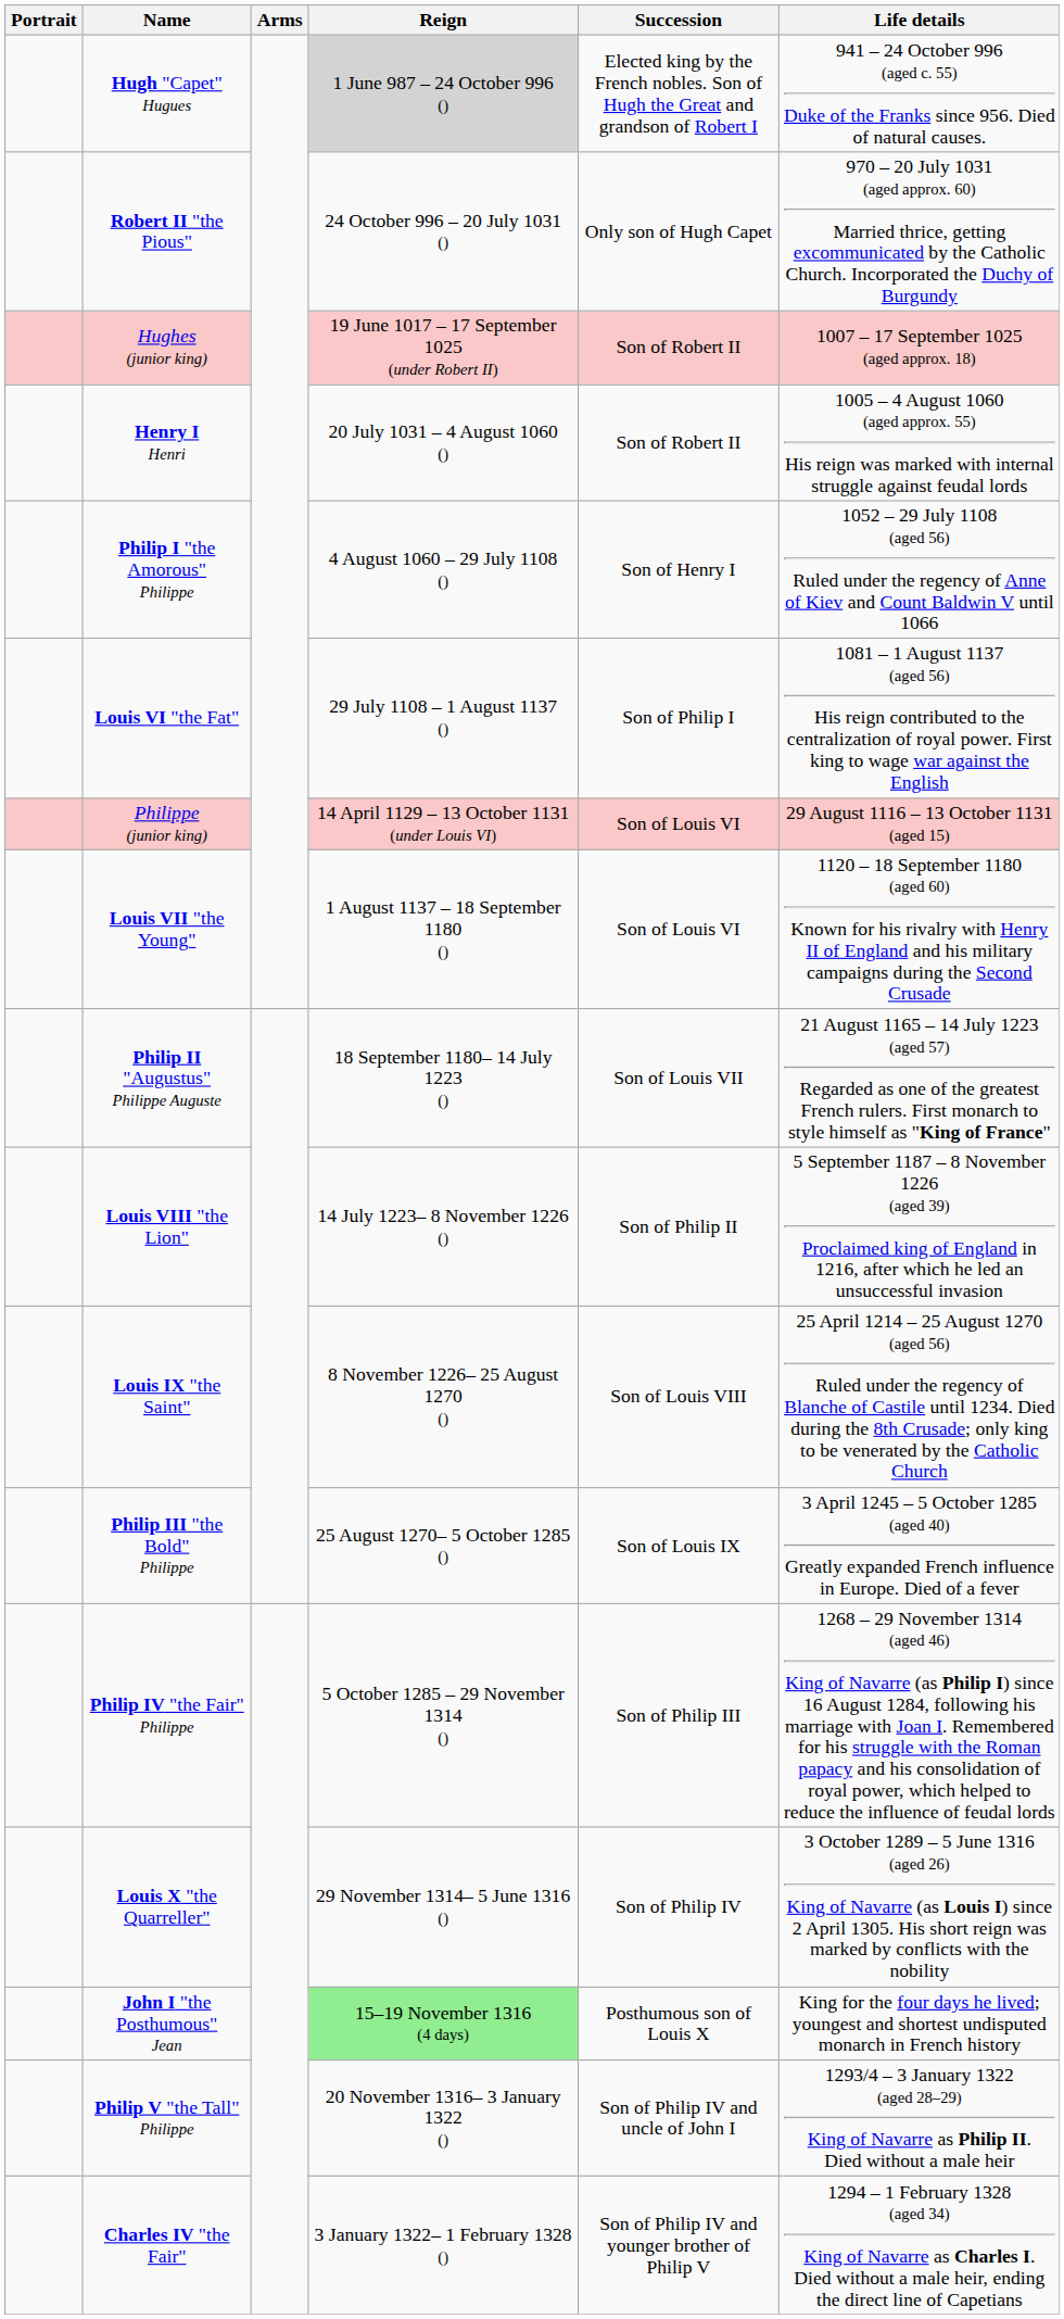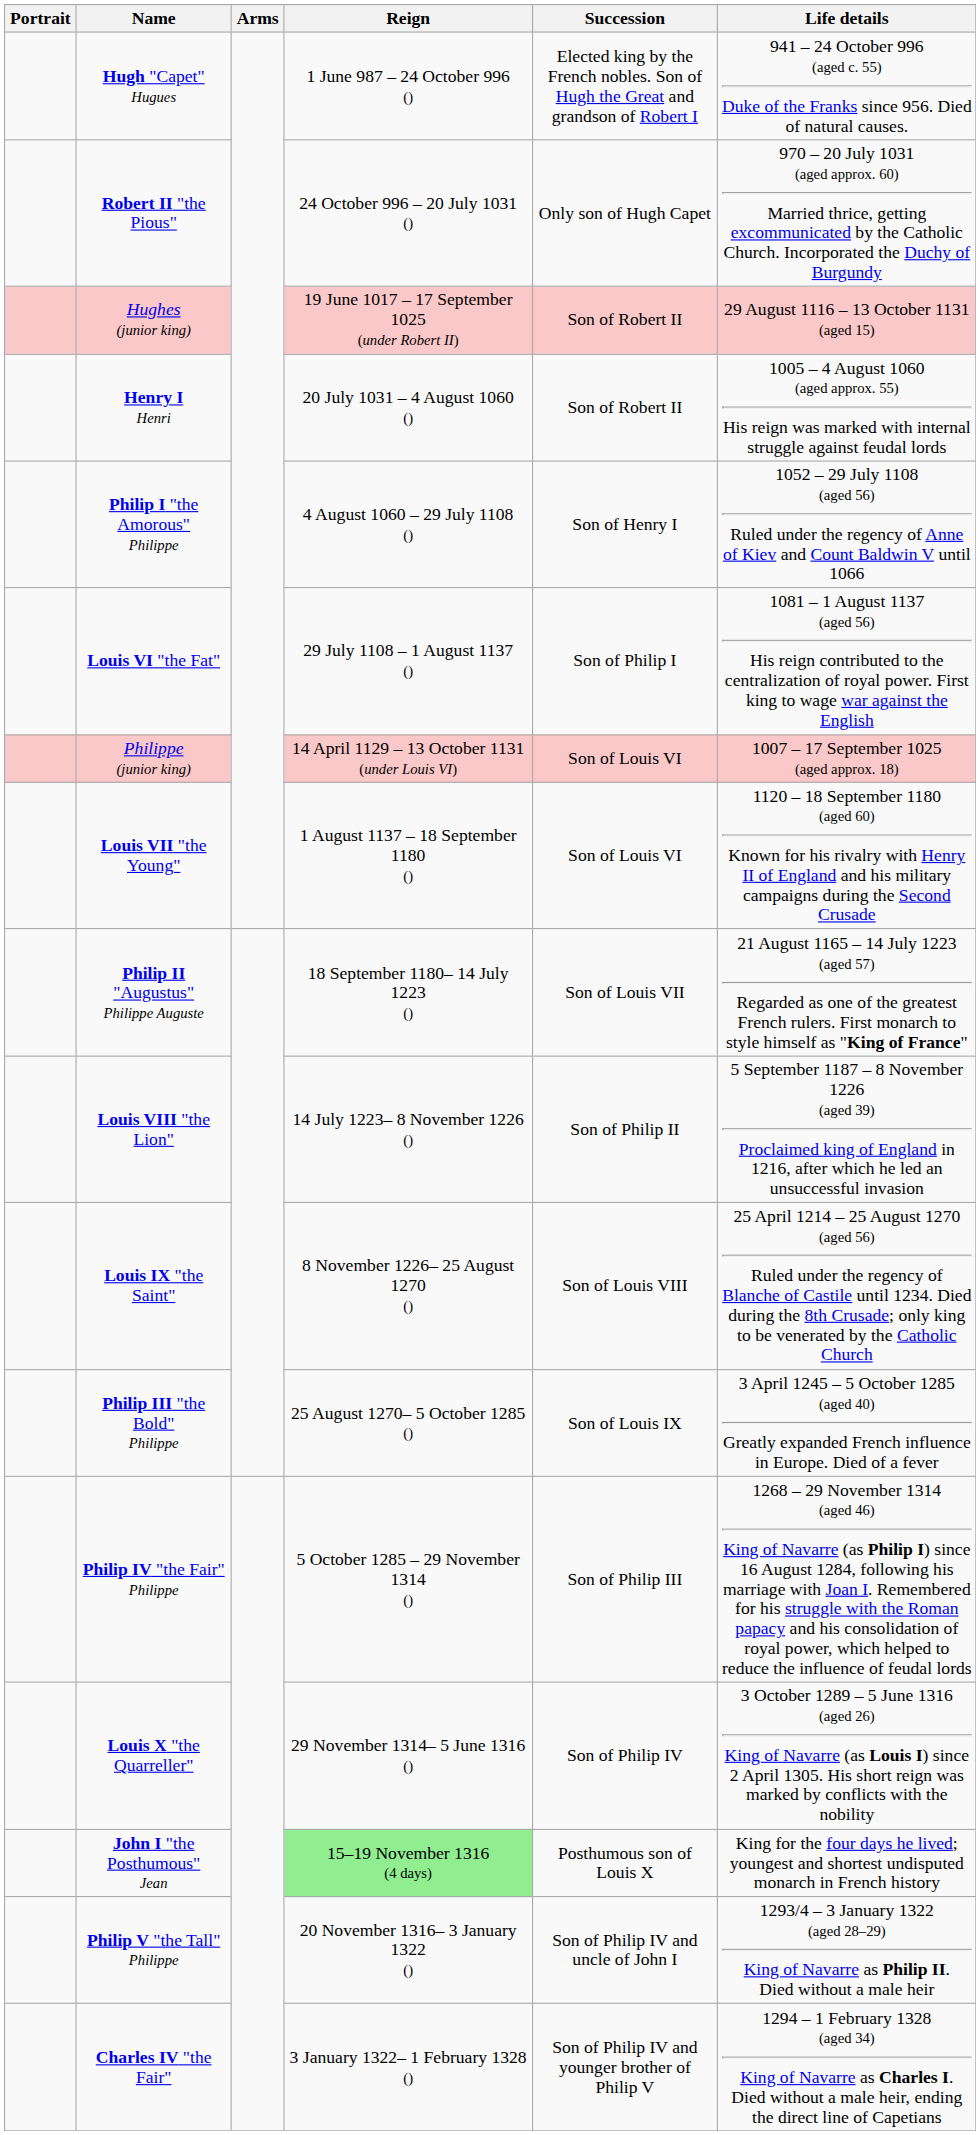 <table class="wikitable" style="text-align:center; width:100%;">
 <tr>
 <th width="5%">Portrait</th>
 <th width="15%">Name</th>
 <th width="5%">Arms</th>
 <th width="24%">Reign</th>
 <th width="18%">Succession</th>
 <th width="25%">Life details</th>
 </tr>
 <tr>
 <td></td>
 <td><a href='#'><strong>Hugh</strong> "Capet"</a><br><small><em>Hugues</em></small></td>
 <td rowspan="8"></td>
-<td style="background: lightgrey;">1 June 987 – 24 October 996<br><small>()</small></td>
+<td>1 June 987 – 24 October 996<br><small>()</small></td>
 <td>Elected king by the French nobles. Son of <a href='#'>Hugh the Great</a> and grandson of <a href='#'>Robert I</a></td>
 <td> 941 – 24 October 996<br><small>(aged c. 55)</small><hr><a href='#'>Duke of the Franks</a> since 956. Died of natural causes.</td>
 </tr>
 <tr>
 <td></td>
 <td><a href='#'><strong>Robert II</strong> "the Pious"</a></td>
 <td>24 October 996 – 20 July 1031<br><small>()</small></td>
 <td>Only son of Hugh Capet</td>
 <td> 970 – 20 July 1031<br><small>(aged approx. 60)</small><hr>Married thrice, getting <a href='#'>excommunicated</a> by the Catholic Church. Incorporated the <a href='#'>Duchy of Burgundy</a></td>
 </tr>
 <tr>
 <td bgcolor="#fac8c8"></td>
 <td bgcolor="#fac8c8"><em><a href='#'>Hughes</a><br><small>(junior king)</small></em></td>
 <td bgcolor="#fac8c8">19 June 1017 – 17 September 1025<br><small>(<em>under Robert II</em>)</small></td>
 <td bgcolor="#fac8c8">Son of Robert II</td>
-<td bgcolor="#fac8c8"> 1007 – 17 September 1025<br><small>(aged approx. 18)</small></td>
+<td bgcolor="#fac8c8">29 August 1116 – 13 October 1131 <br><small>(aged 15)</small></td>
 </tr>
 <tr>
 <td></td>
 <td><a href='#'><strong>Henry I</strong></a><br><small><em>Henri</em></small></td>
 <td>20 July 1031 – 4 August 1060<br><small>()</small></td>
 <td>Son of Robert II</td>
 <td> 1005 – 4 August 1060<br><small>(aged approx. 55)</small><hr>His reign was marked with internal struggle against feudal lords</td>
 </tr>
 <tr>
 <td></td>
 <td><a href='#'><strong>Philip I</strong> "the Amorous"</a><br><small><em>Philippe</em></small></td>
 <td>4 August 1060 – 29 July 1108<br><small>()</small></td>
 <td>Son of Henry I</td>
 <td>1052 – 29 July 1108<br><small>(aged 56)</small><hr>Ruled under the regency of <a href='#'>Anne of Kiev</a> and <a href='#'>Count Baldwin V</a> until 1066</td>
 </tr>
 <tr>
 <td></td>
 <td><a href='#'><strong>Louis VI</strong> "the Fat"</a></td>
 <td>29 July 1108 – 1 August 1137<br><small>()</small></td>
 <td>Son of Philip I</td>
 <td>1081 – 1 August 1137<br><small>(aged 56)</small><hr>His reign contributed to the centralization of royal power. First king to wage <a href='#'>war against the English</a></td>
 </tr>
 <tr>
 <td bgcolor="#fac8c8"></td>
 <td bgcolor="#fac8c8"><em><a href='#'>Philippe</a><br><small>(junior king)</small></em></td>
 <td bgcolor="#fac8c8">14 April 1129 – 13 October 1131<br><small>(<em>under Louis VI</em>)</small></td>
 <td bgcolor="#fac8c8">Son of Louis VI</td>
-<td bgcolor="#fac8c8">29 August 1116 – 13 October 1131 <br><small>(aged 15)</small></td>
+<td bgcolor="#fac8c8"> 1007 – 17 September 1025<br><small>(aged approx. 18)</small></td>
 </tr>
 <tr>
 <td></td>
 <td><a href='#'><strong>Louis VII</strong> "the Young"</a></td>
 <td>1 August 1137 – 18 September 1180<br><small>()</small></td>
 <td>Son of Louis VI</td>
 <td>1120 – 18 September 1180<br><small>(aged 60)</small><hr>Known for his rivalry with <a href='#'>Henry II of England</a> and his military campaigns during the <a href='#'>Second Crusade</a></td>
 </tr>
 <tr>
 <td></td>
 <td><a href='#'><strong>Philip II</strong> "Augustus"</a> <br><small><em>Philippe Auguste</em></small></td>
 <td rowspan="4"></td>
 <td>18 September 1180– 14 July 1223<br><small>()</small></td>
 <td>Son of Louis VII</td>
 <td>21 August 1165 – 14 July 1223<br><small>(aged 57)</small><hr>Regarded as one of the greatest French rulers. First monarch to style himself as "<strong>King of France</strong>"</td>
 </tr>
 <tr>
 <td></td>
 <td><a href='#'><strong>Louis VIII</strong> "the Lion"</a></td>
 <td>14 July 1223– 8 November 1226<br><small>()</small></td>
 <td>Son of Philip II</td>
 <td>5 September 1187 – 8 November 1226<br><small>(aged 39)</small><hr><a href='#'>Proclaimed king of England</a> in 1216, after which he led an unsuccessful invasion</td>
 </tr>
 <tr>
 <td></td>
 <td><a href='#'><strong>Louis IX</strong> "the Saint"</a></td>
 <td>8 November 1226– 25 August 1270<br><small>()</small></td>
 <td>Son of Louis VIII</td>
 <td>25 April 1214 – 25 August 1270<br><small>(aged 56)</small><hr>Ruled under the regency of <a href='#'>Blanche of Castile</a> until 1234. Died during the <a href='#'>8th Crusade</a>; only king to be venerated by the <a href='#'>Catholic Church</a></td>
 </tr>
 <tr>
 <td></td>
 <td><a href='#'><strong>Philip III</strong> "the Bold"</a> <br><small><em>Philippe</em></small></td>
 <td>25 August 1270– 5 October 1285<br><small>()</small></td>
 <td>Son of Louis IX</td>
 <td>3 April 1245 – 5 October 1285<br><small>(aged 40)</small><hr>Greatly expanded French influence in Europe. Died of a fever</td>
 </tr>
 <tr>
 <td></td>
 <td><a href='#'><strong>Philip IV</strong> "the Fair"</a><br><small><em>Philippe</em></small></td>
 <td rowspan="5"></td>
 <td>5 October 1285 – 29 November 1314<br><small>()</small></td>
 <td>Son of Philip III</td>
 <td>1268 – 29 November 1314<br><small>(aged 46)</small><hr><a href='#'>King of Navarre</a> (as <strong>Philip I</strong>) since 16 August 1284, following his marriage with <a href='#'>Joan I</a>. Remembered for his <a href='#'>struggle with the Roman papacy</a> and his consolidation of royal power, which helped to reduce the influence of feudal lords</td>
 </tr>
 <tr>
 <td></td>
 <td><a href='#'><strong>Louis X</strong> "the Quarreller"</a></td>
 <td>29 November 1314– 5 June 1316<br><small>()</small></td>
 <td>Son of Philip IV</td>
 <td>3 October 1289 – 5 June 1316<br><small>(aged 26)</small><hr><a href='#'>King of Navarre</a> (as <strong>Louis I</strong>) since 2 April 1305. His short reign was marked by conflicts with the nobility</td>
 </tr>
 <tr>
 <td></td>
 <td><a href='#'><strong>John I</strong> "the Posthumous"</a> <br><small><em>Jean</em></small></td>
 <td style="background: lightgreen;">15–19 November 1316<br><small>(4 days)</small></td>
 <td>Posthumous son of Louis X</td>
 <td>King for the <a href='#'>four days he lived</a>; youngest and shortest undisputed monarch in French history</td>
 </tr>
 <tr>
 <td></td>
 <td><a href='#'><strong>Philip V</strong> "the Tall"</a><br><small><em>Philippe</em></small></td>
 <td>20 November 1316– 3 January 1322<br><small>()</small></td>
 <td>Son of Philip IV and uncle of John I</td>
 <td>1293/4 – 3 January 1322<br><small>(aged 28–29)</small><hr><a href='#'>King of Navarre</a> as <strong>Philip II</strong>.<br>Died without a male heir</td>
 </tr>
 <tr>
 <td></td>
 <td><a href='#'><strong>Charles IV</strong> "the Fair"</a></td>
 <td>3 January 1322– 1 February 1328<br><small>()</small></td>
 <td>Son of Philip IV and younger brother of Philip V</td>
 <td>1294 – 1 February 1328<br><small>(aged 34)</small><hr><a href='#'>King of Navarre</a> as <strong>Charles I</strong>. Died without a male heir, ending the direct line of Capetians</td>
 </tr>
 </table>
